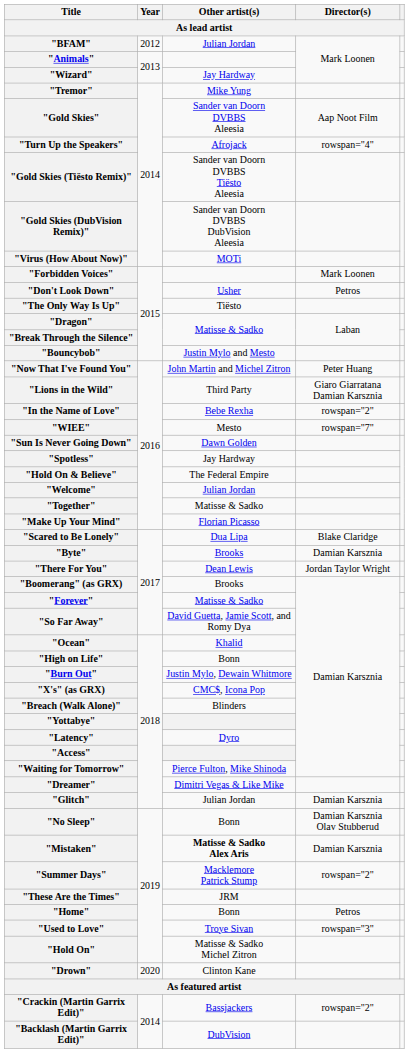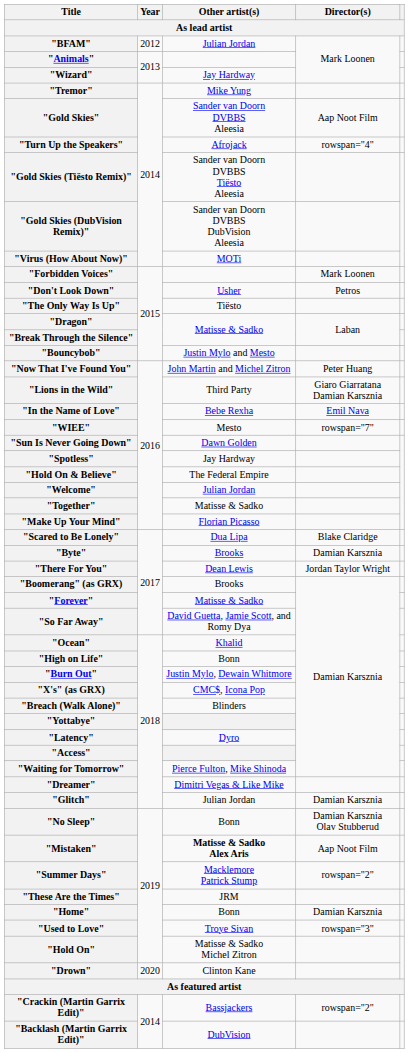 <table class="wikitable plainrowheaders" style="text-align:center;">
 <tr>
 <th scope="col" style="width:13em;">Title</th>
 <th scope="col">Year</th>
 <th scope="col" style="width:13em;">Other artist(s)</th>
 <th scope="col" style="width:10em;">Director(s)</th>
 <th scope="col"></th>
 </tr>
 <tr>
 <th scope="col" colspan="5">As lead artist</th>
 </tr>
 <tr>
 <th scope="row">"BFAM"</th>
 <td>2012</td>
 <td><a href='#'>Julian Jordan</a></td>
 <td rowspan="3">Mark Loonen</td>
 <td></td>
 </tr>
 <tr>
 <th scope="row">"<a href='#'>Animals</a>"</th>
 <td rowspan="2">2013</td>
 <td></td>
 <td></td>
 </tr>
 <tr>
 <th scope="row">"Wizard"</th>
 <td><a href='#'>Jay Hardway</a></td>
 <td></td>
 </tr>
 <tr>
 <th scope="row">"Tremor"</th>
 <td rowspan="6">2014</td>
 <td><a href='#'>Mike Yung</a></td>
 <td></td>
 <td></td>
 </tr>
 <tr>
 <th scope="row">"Gold Skies"</th>
 <td><a href='#'>Sander van Doorn</a><br><a href='#'>DVBBS</a><br>Aleesia</td>
 <td>Aap Noot Film</td>
 <td></td>
 </tr>
 <tr>
 <th scope="row">"Turn Up the Speakers"</th>
 <td><a href='#'>Afrojack</a></td>
 <td>rowspan="4" </td>
 <td></td>
 </tr>
 <tr>
 <th scope="row">"Gold Skies <span>(Tiësto Remix)</span>"</th>
 <td>Sander van Doorn<br>DVBBS<br><a href='#'>Tiësto</a><br>Aleesia</td>
 <td></td>
 </tr>
 <tr>
 <th scope="row">"Gold Skies <span>(DubVision Remix)</span>"</th>
 <td>Sander van Doorn<br>DVBBS<br>DubVision<br>Aleesia</td>
 <td></td>
 </tr>
 <tr>
 <th scope="row">"Virus (How About Now)"</th>
 <td><a href='#'>MOTi</a></td>
 <td></td>
 </tr>
 <tr>
 <th scope="row">"Forbidden Voices"</th>
 <td rowspan="6">2015</td>
 <td></td>
 <td>Mark Loonen</td>
 <td></td>
 </tr>
 <tr>
 <th scope="row">"Don't Look Down"</th>
 <td><a href='#'>Usher</a></td>
 <td>Petros</td>
 <td></td>
 </tr>
 <tr>
 <th scope="row">"The Only Way Is Up"</th>
 <td>Tiësto</td>
 <td></td>
 <td></td>
 </tr>
 <tr>
 <th scope="row">"Dragon"</th>
 <td rowspan="2"><a href='#'>Matisse & Sadko</a></td>
 <td rowspan="2">Laban</td>
 <td></td>
 </tr>
 <tr>
 <th scope="row">"Break Through the Silence"</th>
 <td></td>
 </tr>
 <tr>
 <th scope="row">"Bouncybob"</th>
 <td><a href='#'>Justin Mylo</a> and <a href='#'>Mesto</a></td>
 <td></td>
 <td></td>
 </tr>
 <tr>
 <th scope="row">"Now That I've Found You"</th>
 <td rowspan="10">2016</td>
 <td><a href='#'>John Martin</a> and <a href='#'>Michel Zitron</a></td>
 <td>Peter Huang</td>
 <td></td>
 </tr>
 <tr>
 <th scope="row">"Lions in the Wild"</th>
 <td>Third Party</td>
 <td>Giaro Giarratana<br>Damian Karsznia</td>
 <td></td>
 </tr>
 <tr>
 <th scope="row">"In the Name of Love"</th>
 <td><a href='#'>Bebe Rexha</a></td>
-<td>rowspan="2" </td>
+<td><a href='#'>Emil Nava</a></td>
 <td></td>
 </tr>
 <tr>
 <th scope="row">"WIEE"</th>
 <td>Mesto</td>
 <td>rowspan="7" </td>
 <td></td>
 </tr>
 <tr>
 <th scope="row">"Sun Is Never Going Down"</th>
 <td><a href='#'>Dawn Golden</a></td>
 <td></td>
 </tr>
 <tr>
 <th scope="row">"Spotless"</th>
 <td>Jay Hardway</td>
 <td></td>
 </tr>
 <tr>
 <th scope="row">"Hold On & Believe"</th>
 <td>The Federal Empire</td>
 <td></td>
 </tr>
 <tr>
 <th scope="row">"Welcome"</th>
 <td><a href='#'>Julian Jordan</a></td>
 <td></td>
 </tr>
 <tr>
 <th scope="row">"Together"</th>
 <td>Matisse & Sadko</td>
 <td></td>
 </tr>
 <tr>
 <th scope="row">"Make Up Your Mind"</th>
 <td><a href='#'>Florian Picasso</a></td>
 <td></td>
 </tr>
 <tr>
 <th scope="row">"Scared to Be Lonely"</th>
 <td rowspan="6">2017</td>
 <td><a href='#'>Dua Lipa</a></td>
 <td>Blake Claridge</td>
 <td></td>
 </tr>
 <tr>
 <th scope="row">"Byte"</th>
 <td><a href='#'>Brooks</a></td>
 <td>Damian Karsznia</td>
 <td></td>
 </tr>
 <tr>
 <th scope="row">"There For You"</th>
 <td><a href='#'>Dean Lewis</a></td>
 <td>Jordan Taylor Wright</td>
 <td></td>
 </tr>
 <tr>
 <th scope="row">"Boomerang" (as GRX)</th>
 <td>Brooks</td>
 <td rowspan="12">Damian Karsznia</td>
 <td></td>
 </tr>
 <tr>
 <th scope="row">"<a href='#'>Forever</a>"</th>
 <td><a href='#'>Matisse & Sadko</a></td>
 <td></td>
 </tr>
 <tr>
 <th scope="row">"So Far Away"</th>
 <td><a href='#'>David Guetta</a>, <a href='#'>Jamie Scott</a>, and Romy Dya</td>
 <td></td>
 </tr>
 <tr>
 <th scope="row">"Ocean"</th>
 <td rowspan="11">2018</td>
 <td><a href='#'>Khalid</a></td>
 <td></td>
 </tr>
 <tr>
 <th scope="row">"High on Life"</th>
 <td>Bonn</td>
 <td></td>
 </tr>
 <tr>
 <th scope="row">"<a href='#'>Burn Out</a>"</th>
 <td><a href='#'>Justin Mylo</a>, <a href='#'>Dewain Whitmore</a></td>
 <td></td>
 </tr>
 <tr>
 <th scope="row">"X's" (as GRX)</th>
 <td><a href='#'>CMC$</a>, <a href='#'>Icona Pop</a></td>
 <td></td>
 </tr>
 <tr>
 <th scope="row">"Breach (Walk Alone)"</th>
 <td>Blinders</td>
 <td></td>
 </tr>
 <tr>
 <th scope="row">"Yottabye"</th>
 <th></th>
 <td></td>
 </tr>
 <tr>
 <th scope="row">"Latency"</th>
 <td><a href='#'>Dyro</a></td>
 <td></td>
 </tr>
 <tr>
 <th scope="row">"Access"</th>
 <th></th>
 <td></td>
 </tr>
 <tr>
 <th scope="row">"Waiting for Tomorrow"</th>
 <td><a href='#'>Pierce Fulton</a>, <a href='#'>Mike Shinoda</a></td>
 <td></td>
 </tr>
 <tr>
 <th scope="row">"Dreamer"</th>
 <td><a href='#'>Dimitri Vegas & Like Mike</a></td>
 <td></td>
 <td></td>
 </tr>
 <tr>
 <th scope="row">"Glitch"</th>
 <td>Julian Jordan</td>
 <td>Damian Karsznia</td>
 <td></td>
 </tr>
 <tr>
 <th scope="row">"No Sleep"</th>
 <td rowspan="7">2019</td>
 <td>Bonn</td>
 <td>Damian Karsznia<br>Olav Stubberud</td>
 <td></td>
 </tr>
 <tr>
 <th scope="row">"Mistaken"</th>
 <td><strong>Matisse & Sadko<br>Alex Aris</strong></td>
-<td>Damian Karsznia</td>
+<td>Aap Noot Film</td>
 <td></td>
 </tr>
 <tr>
 <th scope="row">"Summer Days"</th>
 <td><a href='#'>Macklemore</a><br><a href='#'>Patrick Stump</a></td>
 <td>rowspan="2" </td>
 <td></td>
 </tr>
 <tr>
 <th scope="row">"These Are the Times"</th>
 <td>JRM</td>
 <td></td>
 </tr>
 <tr>
 <th scope="row">"Home"</th>
 <td>Bonn</td>
-<td>Petros</td>
+<td>Damian Karsznia</td>
 <td></td>
 </tr>
 <tr>
 <th scope="row">"Used to Love"</th>
 <td><a href='#'>Troye Sivan</a></td>
 <td>rowspan="3" </td>
 <td></td>
 </tr>
 <tr>
 <th scope="row">"Hold On"</th>
 <td>Matisse & Sadko<br>Michel Zitron</td>
 <td></td>
 </tr>
 <tr>
 <th scope="row">"Drown"</th>
 <td>2020</td>
 <td>Clinton Kane</td>
 <td></td>
 </tr>
 <tr>
 <th scope="col" colspan="5">As featured artist</th>
 </tr>
 <tr>
 <th scope="row">"Crackin <span>(Martin Garrix Edit)</span>"</th>
 <td rowspan="2">2014</td>
 <td><a href='#'>Bassjackers</a></td>
 <td>rowspan="2" </td>
 <td></td>
 </tr>
 <tr>
 <th scope="row">"Backlash <span>(Martin Garrix Edit)</span>"</th>
 <td><a href='#'>DubVision</a></td>
 <td></td>
 </tr>
 </table>
